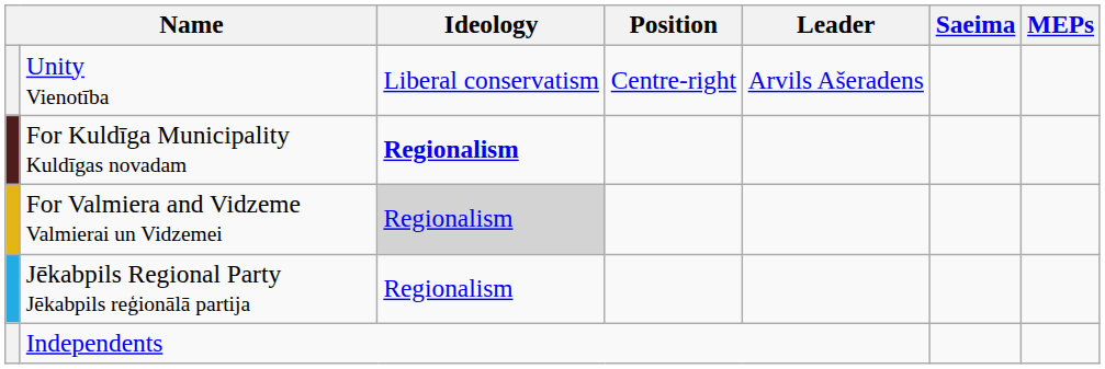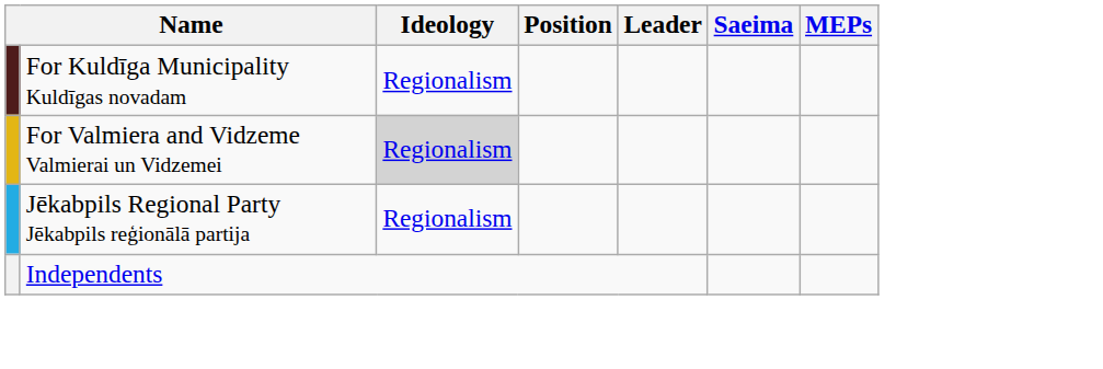 <table class="wikitable">
 <tr>
 <th colspan=2 width=225px>Name</th>
 <th>Ideology</th>
 <th>Position</th>
 <th>Leader</th>
 <th><a href='#'>Saeima</a></th>
 <th><a href='#'>MEPs</a></th>
 </tr>
 <tr>
-<th style="background:"></th>
-<td><a href='#'>Unity</a><br><small>Vienotība</small></td>
-<td><a href='#'>Liberal conservatism</a></td>
-<td><a href='#'>Centre-right</a></td>
-<td><a href='#'>Arvils Ašeradens</a></td>
-<td></td>
-<td></td>
-</tr>
-<tr>
 <th style="background:#4e1c1b; width:2px;"></th>
 <td>For Kuldīga Municipality<br><small>Kuldīgas novadam</small></td>
-<td><strong><a href='#'>Regionalism</a></strong></td>
+<td><a href='#'>Regionalism</a></td>
 <td></td>
 <td></td>
 <td></td>
 <td></td>
 </tr>
 <tr>
 <th style="background:#e3b615; width:2px;"></th>
 <td>For Valmiera and Vidzeme<br><small>Valmierai un Vidzemei</small></td>
 <td style="background: lightgrey;"><a href='#'>Regionalism</a></td>
 <td></td>
 <td></td>
 <td></td>
 <td></td>
 </tr>
 <tr>
 <th style="background:#23ace3; width:2px;"></th>
 <td>Jēkabpils Regional Party<br><small>Jēkabpils reģionālā partija</small></td>
 <td><a href='#'>Regionalism</a></td>
 <td></td>
 <td></td>
 <td></td>
 <td></td>
 </tr>
 <tr>
 <th style="background:"></th>
 <td colspan=4 width=225px><a href='#'>Independents</a></td>
 <td></td>
 <td></td>
 </tr>
 </table>
